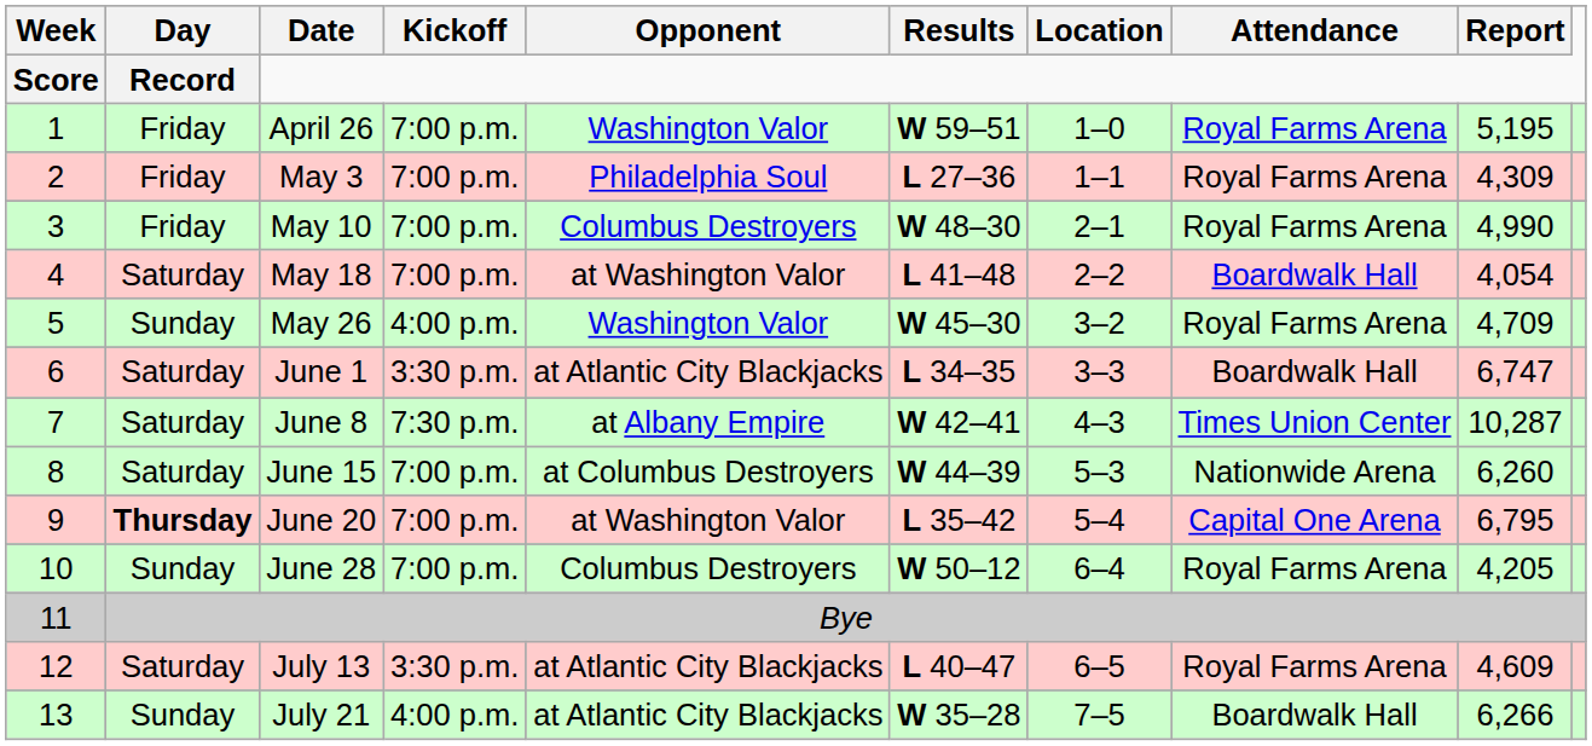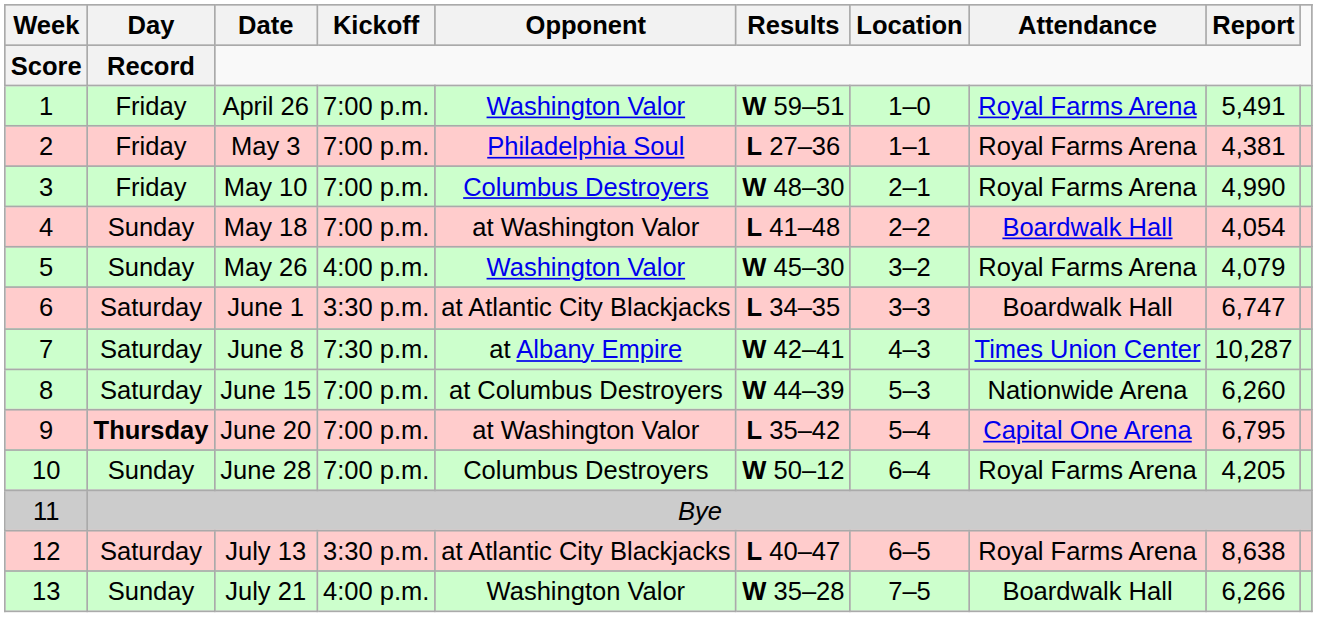 <table class="wikitable" style="text-align:center; font-size: 95%;">
 <tr>
 <th>Week</th>
 <th>Day</th>
 <th>Date</th>
 <th>Kickoff</th>
 <th>Opponent</th>
 <th>Results</th>
 <th>Location</th>
 <th>Attendance</th>
 <th>Report</th>
 </tr>
 <tr>
 <th>Score</th>
 <th>Record</th>
 </tr>
 <tr bgcolor=#ccffcc>
 <td>1</td>
 <td>Friday</td>
 <td>April 26</td>
 <td>7:00 p.m.</td>
 <td><a href='#'>Washington Valor</a></td>
 <td><strong>W</strong> 59–51</td>
 <td>1–0</td>
 <td><a href='#'>Royal Farms Arena</a></td>
-<td>5,195</td>
+<td>5,491</td>
 <td></td>
 </tr>
 <tr bgcolor=#ffcccc>
 <td>2</td>
 <td>Friday</td>
 <td>May 3</td>
 <td>7:00 p.m.</td>
 <td><a href='#'>Philadelphia Soul</a></td>
 <td><strong>L</strong> 27–36</td>
 <td>1–1</td>
 <td>Royal Farms Arena</td>
-<td>4,309</td>
+<td>4,381</td>
 <td></td>
 </tr>
 <tr bgcolor=#ccffcc>
 <td>3</td>
 <td>Friday</td>
 <td>May 10</td>
 <td>7:00 p.m.</td>
 <td><a href='#'>Columbus Destroyers</a></td>
 <td><strong>W</strong> 48–30</td>
 <td>2–1</td>
 <td>Royal Farms Arena</td>
 <td>4,990</td>
 <td></td>
 </tr>
 <tr bgcolor=#ffcccc>
 <td>4</td>
-<td>Saturday</td>
+<td>Sunday</td>
 <td>May 18</td>
 <td>7:00 p.m.</td>
 <td>at Washington Valor</td>
 <td><strong>L</strong> 41–48</td>
 <td>2–2</td>
 <td><a href='#'>Boardwalk Hall</a></td>
 <td>4,054</td>
 <td></td>
 </tr>
 <tr bgcolor=#ccffcc>
 <td>5</td>
 <td>Sunday</td>
 <td>May 26</td>
 <td>4:00 p.m.</td>
 <td><a href='#'>Washington Valor</a></td>
 <td><strong>W</strong> 45–30</td>
 <td>3–2</td>
 <td>Royal Farms Arena</td>
-<td>4,709</td>
+<td>4,079</td>
 <td></td>
 </tr>
 <tr bgcolor=#ffcccc>
 <td>6</td>
 <td>Saturday</td>
 <td>June 1</td>
 <td>3:30 p.m.</td>
 <td>at Atlantic City Blackjacks</td>
 <td><strong>L</strong> 34–35</td>
 <td>3–3</td>
 <td>Boardwalk Hall</td>
 <td>6,747</td>
 <td></td>
 </tr>
 <tr bgcolor=#ccffcc>
 <td>7</td>
 <td>Saturday</td>
 <td>June 8</td>
 <td>7:30 p.m.</td>
 <td>at <a href='#'>Albany Empire</a></td>
 <td><strong>W</strong> 42–41</td>
 <td>4–3</td>
 <td><a href='#'>Times Union Center</a></td>
 <td>10,287</td>
 <td></td>
 </tr>
 <tr bgcolor=#ccffcc>
 <td>8</td>
 <td>Saturday</td>
 <td>June 15</td>
 <td>7:00 p.m.</td>
 <td>at Columbus Destroyers</td>
 <td><strong>W</strong> 44–39</td>
 <td>5–3</td>
 <td>Nationwide Arena</td>
 <td>6,260</td>
 <td></td>
 </tr>
 <tr bgcolor=#ffcccc>
 <td>9</td>
 <td><strong>Thursday</strong></td>
 <td>June 20</td>
 <td>7:00 p.m.</td>
 <td>at Washington Valor</td>
 <td><strong>L</strong> 35–42</td>
 <td>5–4</td>
 <td><a href='#'>Capital One Arena</a></td>
 <td>6,795</td>
 <td></td>
 </tr>
 <tr bgcolor=#ccffcc>
 <td>10</td>
 <td>Sunday</td>
 <td>June 28</td>
 <td>7:00 p.m.</td>
 <td>Columbus Destroyers</td>
 <td><strong>W</strong> 50–12</td>
 <td>6–4</td>
 <td>Royal Farms Arena</td>
 <td>4,205</td>
 <td></td>
 </tr>
 <tr bgcolor=#cccccc>
 <td>11</td>
 <td colspan=9><em>Bye</em></td>
 </tr>
 <tr bgcolor=#ffcccc>
 <td>12</td>
 <td>Saturday</td>
 <td>July 13</td>
 <td>3:30 p.m.</td>
 <td>at Atlantic City Blackjacks</td>
 <td><strong>L</strong> 40–47</td>
 <td>6–5</td>
 <td>Royal Farms Arena</td>
-<td>4,609</td>
+<td>8,638</td>
 <td></td>
 </tr>
 <tr bgcolor=#ccffcc>
 <td>13</td>
 <td>Sunday</td>
 <td>July 21</td>
 <td>4:00 p.m.</td>
-<td>at Atlantic City Blackjacks</td>
+<td>Washington Valor</td>
 <td><strong>W</strong> 35–28</td>
 <td>7–5</td>
 <td>Boardwalk Hall</td>
 <td>6,266</td>
 <td></td>
 </tr>
 </table>
